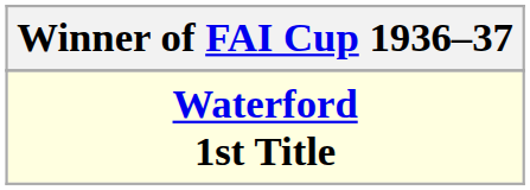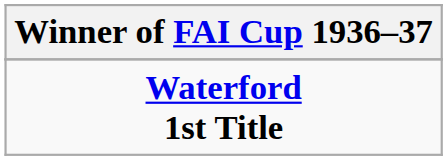 <table class="wikitable" style="text-align: center; margin: 0 auto;">
 <tr>
 <th>Winner of <a href='#'>FAI Cup</a> 1936–37</th>
 </tr>
 <tr>
 </tr>
 <tr>
-<td style="background: lightyellow;"><strong><a href='#'>Waterford</a></strong><br><strong>1st Title</strong></td>
+<td><strong><a href='#'>Waterford</a></strong><br><strong>1st Title</strong></td>
 </tr>
 </table>
